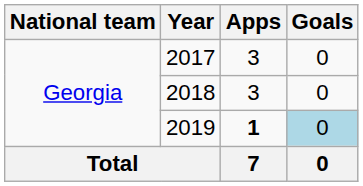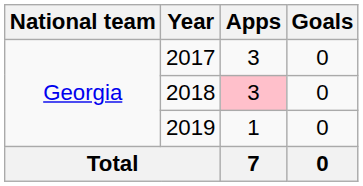 <table class="wikitable" style="text-align:center">
 <tr>
 <th>National team</th>
 <th>Year</th>
 <th>Apps</th>
 <th>Goals</th>
 </tr>
 <tr>
 <td rowspan="3"><a href='#'>Georgia</a></td>
 <td>2017</td>
 <td>3</td>
 <td>0</td>
 </tr>
 <tr>
 <td>2018</td>
-<td>3</td>
+<td style="background: pink;">3</td>
 <td>0</td>
 </tr>
 <tr>
 <td>2019</td>
-<td><strong>1</strong></td>
-<td style="background: lightblue;">0</td>
+<td>1</td>
+<td>0</td>
 </tr>
 <tr>
 <th colspan="2">Total</th>
 <th>7</th>
 <th>0</th>
 </tr>
 </table>
